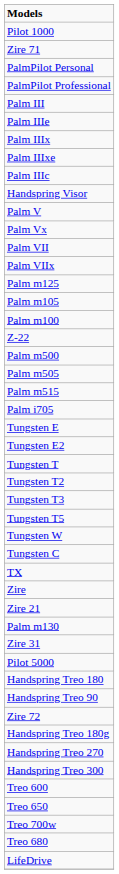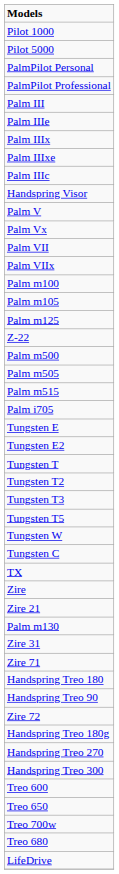 <table class="wikitable" border=1>
 <tr>
 <td><strong>Models</strong></td>
 </tr>
 <tr>
 <td><a href='#'>Pilot 1000</a></td>
 </tr>
 <tr>
-<td><a href='#'>Zire 71</a></td>
+<td><a href='#'>Pilot 5000</a></td>
 </tr>
 <tr>
 <td><a href='#'>PalmPilot Personal</a></td>
 </tr>
 <tr>
 <td><a href='#'>PalmPilot Professional</a></td>
 </tr>
 <tr>
 <td><a href='#'>Palm III</a></td>
 </tr>
 <tr>
 <td><a href='#'>Palm IIIe</a></td>
 </tr>
 <tr>
 <td><a href='#'>Palm IIIx</a></td>
 </tr>
 <tr>
 <td><a href='#'>Palm IIIxe</a></td>
 </tr>
 <tr>
 <td><a href='#'>Palm IIIc</a></td>
 </tr>
 <tr>
 <td><a href='#'>Handspring Visor</a></td>
 </tr>
 <tr>
 <td><a href='#'>Palm V</a></td>
 </tr>
 <tr>
 <td><a href='#'>Palm Vx</a></td>
 </tr>
 <tr>
 <td><a href='#'>Palm VII</a></td>
 </tr>
 <tr>
 <td><a href='#'>Palm VIIx</a></td>
 </tr>
 <tr>
-<td><a href='#'>Palm m125</a></td>
+<td><a href='#'>Palm m100</a></td>
 </tr>
 <tr>
 <td><a href='#'>Palm m105</a></td>
 </tr>
 <tr>
-<td><a href='#'>Palm m100</a></td>
+<td><a href='#'>Palm m125</a></td>
 </tr>
 <tr>
 <td><a href='#'>Z-22</a></td>
 </tr>
 <tr>
 <td><a href='#'>Palm m500</a></td>
 </tr>
 <tr>
 <td><a href='#'>Palm m505</a></td>
 </tr>
 <tr>
 <td><a href='#'>Palm m515</a></td>
 </tr>
 <tr>
 <td><a href='#'>Palm i705</a></td>
 </tr>
 <tr>
 <td><a href='#'>Tungsten E</a></td>
 </tr>
 <tr>
 <td><a href='#'>Tungsten E2</a></td>
 </tr>
 <tr>
 <td><a href='#'>Tungsten T</a></td>
 </tr>
 <tr>
 <td><a href='#'>Tungsten T2</a></td>
 </tr>
 <tr>
 <td><a href='#'>Tungsten T3</a></td>
 </tr>
 <tr>
 <td><a href='#'>Tungsten T5</a></td>
 </tr>
 <tr>
 <td><a href='#'>Tungsten W</a></td>
 </tr>
 <tr>
 <td><a href='#'>Tungsten C</a></td>
 </tr>
 <tr>
 <td><a href='#'>TX</a></td>
 </tr>
 <tr>
 <td><a href='#'>Zire</a></td>
 </tr>
 <tr>
 <td><a href='#'>Zire 21</a></td>
 </tr>
 <tr>
 <td><a href='#'>Palm m130</a></td>
 </tr>
 <tr>
 <td><a href='#'>Zire 31</a></td>
 </tr>
 <tr>
-<td><a href='#'>Pilot 5000</a></td>
+<td><a href='#'>Zire 71</a></td>
 </tr>
 <tr>
 <td><a href='#'>Handspring Treo 180</a></td>
 </tr>
 <tr>
 <td><a href='#'>Handspring Treo 90</a></td>
 </tr>
 <tr>
 <td><a href='#'>Zire 72</a></td>
 </tr>
 <tr>
 <td><a href='#'>Handspring Treo 180g</a></td>
 </tr>
 <tr>
 <td><a href='#'>Handspring Treo 270</a></td>
 </tr>
 <tr>
 <td><a href='#'>Handspring Treo 300</a></td>
 </tr>
 <tr>
 <td><a href='#'>Treo 600</a></td>
 </tr>
 <tr>
 <td><a href='#'>Treo 650</a></td>
 </tr>
 <tr>
 <td><a href='#'>Treo 700w</a></td>
 </tr>
 <tr>
 <td><a href='#'>Treo 680</a></td>
 </tr>
 <tr>
 <td><a href='#'>LifeDrive</a></td>
 </tr>
 <tr>
 </tr>
 </table>
